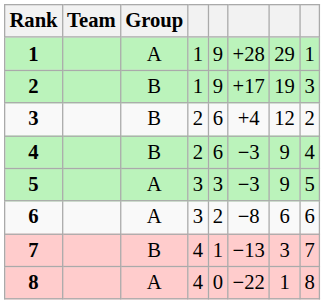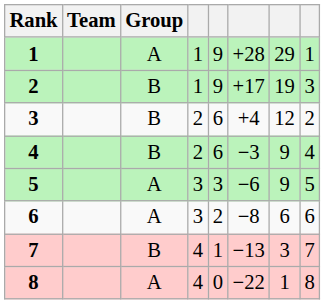 <table class="wikitable sortable" style="text-align:center;">
 <tr>
 <th>Rank</th>
 <th>Team</th>
 <th>Group</th>
 <th></th>
 <th></th>
 <th></th>
 <th></th>
 <th></th>
 </tr>
 <tr bgcolor=#BBF3BB>
 <td><strong>1</strong></td>
 <td align=left></td>
 <td>A</td>
 <td>1</td>
 <td>9</td>
 <td>+28</td>
 <td>29</td>
 <td>1</td>
 </tr>
 <tr bgcolor=#BBF3BB>
 <td><strong>2</strong></td>
 <td align=left></td>
 <td>B</td>
 <td>1</td>
 <td>9</td>
 <td>+17</td>
 <td>19</td>
 <td>3</td>
 </tr>
 <tr>
 <td><strong>3</strong></td>
 <td align=left></td>
 <td>B</td>
 <td>2</td>
 <td>6</td>
 <td>+4</td>
 <td>12</td>
 <td>2</td>
 </tr>
 <tr bgcolor=#BBF3BB>
 <td><strong>4</strong></td>
 <td align=left></td>
 <td>B</td>
 <td>2</td>
 <td>6</td>
 <td>−3</td>
 <td>9</td>
 <td>4</td>
 </tr>
 <tr bgcolor=#BBF3BB>
 <td><strong>5</strong></td>
 <td align=left></td>
 <td>A</td>
 <td>3</td>
 <td>3</td>
-<td>−3</td>
+<td>−6</td>
 <td>9</td>
 <td>5</td>
 </tr>
 <tr>
 <td><strong>6</strong></td>
 <td align=left></td>
 <td>A</td>
 <td>3</td>
 <td>2</td>
 <td>−8</td>
 <td>6</td>
 <td>6</td>
 </tr>
 <tr bgcolor=#FFCCCC>
 <td><strong>7</strong></td>
 <td align=left></td>
 <td>B</td>
 <td>4</td>
 <td>1</td>
 <td>−13</td>
 <td>3</td>
 <td>7</td>
 </tr>
 <tr bgcolor=#FFCCCC>
 <td><strong>8</strong></td>
 <td align=left></td>
 <td>A</td>
 <td>4</td>
 <td>0</td>
 <td>−22</td>
 <td>1</td>
 <td>8</td>
 </tr>
 </table>
